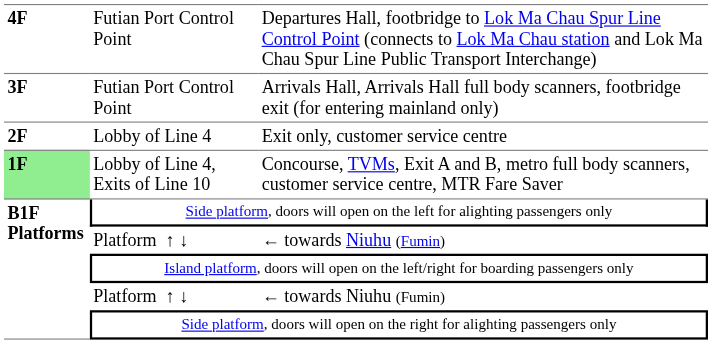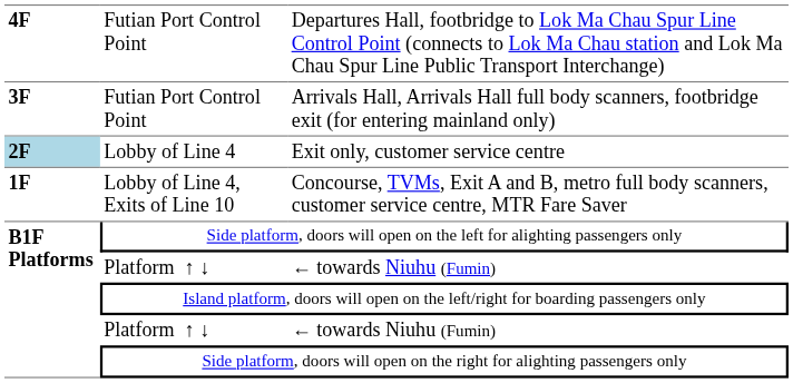 <table cellspacing="0" cellpadding="3">
 <tr>
 <td style="border-top:solid 1px gray;" valign="top" width="70"><strong>4F</strong></td>
 <td style="border-top:solid 1px gray;" valign="top" width="143">Futian Port Control Point</td>
 <td style="border-top:solid 1px gray;" valign="top" width="392">Departures Hall, footbridge to <a href='#'>Lok Ma Chau Spur Line Control Point</a> (connects to  <a href='#'>Lok Ma Chau station</a> and Lok Ma Chau Spur Line Public Transport Interchange)</td>
 </tr>
 <tr>
 <td style="border-top:solid 1px gray;border-bottom:solid 1px gray;" valign="top"><strong>3F</strong></td>
 <td style="border-top:solid 1px gray;border-bottom:solid 1px gray;" valign="top">Futian Port Control Point</td>
 <td style="border-top:solid 1px gray;border-bottom:solid 1px gray;" valign="top">Arrivals Hall, Arrivals Hall full body scanners, footbridge exit (for entering mainland only)</td>
 </tr>
 <tr>
-<td><strong>2F</strong></td>
+<td style="background: lightblue;"><strong>2F</strong></td>
 <td>Lobby of Line 4</td>
 <td>Exit only, customer service centre</td>
 </tr>
 <tr>
-<td style="background: lightgreen; border-top:solid 1px gray;border-bottom:solid 1px gray;" valign="top"><strong>1F</strong></td>
+<td style="border-top:solid 1px gray;border-bottom:solid 1px gray;" valign="top"><strong>1F</strong></td>
 <td style="border-top:solid 1px gray;border-bottom:solid 1px gray;" valign="top">Lobby of Line 4,<br>Exits of Line 10</td>
 <td style="border-top:solid 1px gray;border-bottom:solid 1px gray;" valign="top">Concourse, <a href='#'>TVMs</a>, Exit A and B, metro full body scanners, customer service centre, MTR Fare Saver</td>
 </tr>
 <tr>
 <td rowspan="5" style="border-bottom:solid 1px gray;" valign="top"><strong>B1F<br>Platforms</strong></td>
 <td colspan="2" style="border-right:solid 2px black; border-left:solid 2px black; border-bottom:solid 2px black; font-size:smaller; text-align:center;"><a href='#'>Side platform</a>, doors will open on the left for alighting passengers only</td>
 </tr>
 <tr>
 <td>Platform  <span><strong> ↑ ↓</strong></span></td>
 <td><span>←</span>  towards <a href='#'>Niuhu</a> <small>(<a href='#'>Fumin</a>)</small></td>
 </tr>
 <tr>
 <td colspan="3" style="border-top:solid 2px black; border-right:solid 2px black; border-left:solid 2px black; border-bottom:solid 2px black; font-size:smaller; text-align:center;"><a href='#'>Island platform</a>, doors will open on the left/right for boarding passengers only</td>
 </tr>
 <tr>
 <td>Platform  <span><strong> ↑ ↓</strong></span></td>
 <td><span>←</span>  towards Niuhu <small>(Fumin)</small></td>
 </tr>
 <tr>
 <td colspan="4" style="border-top:solid 2px black; border-right:solid 2px black; border-left:solid 2px black; border-bottom:solid 2px black; font-size:smaller; text-align:center;"><a href='#'>Side platform</a>, doors will open on the right for alighting passengers only</td>
 </tr>
 </table>
